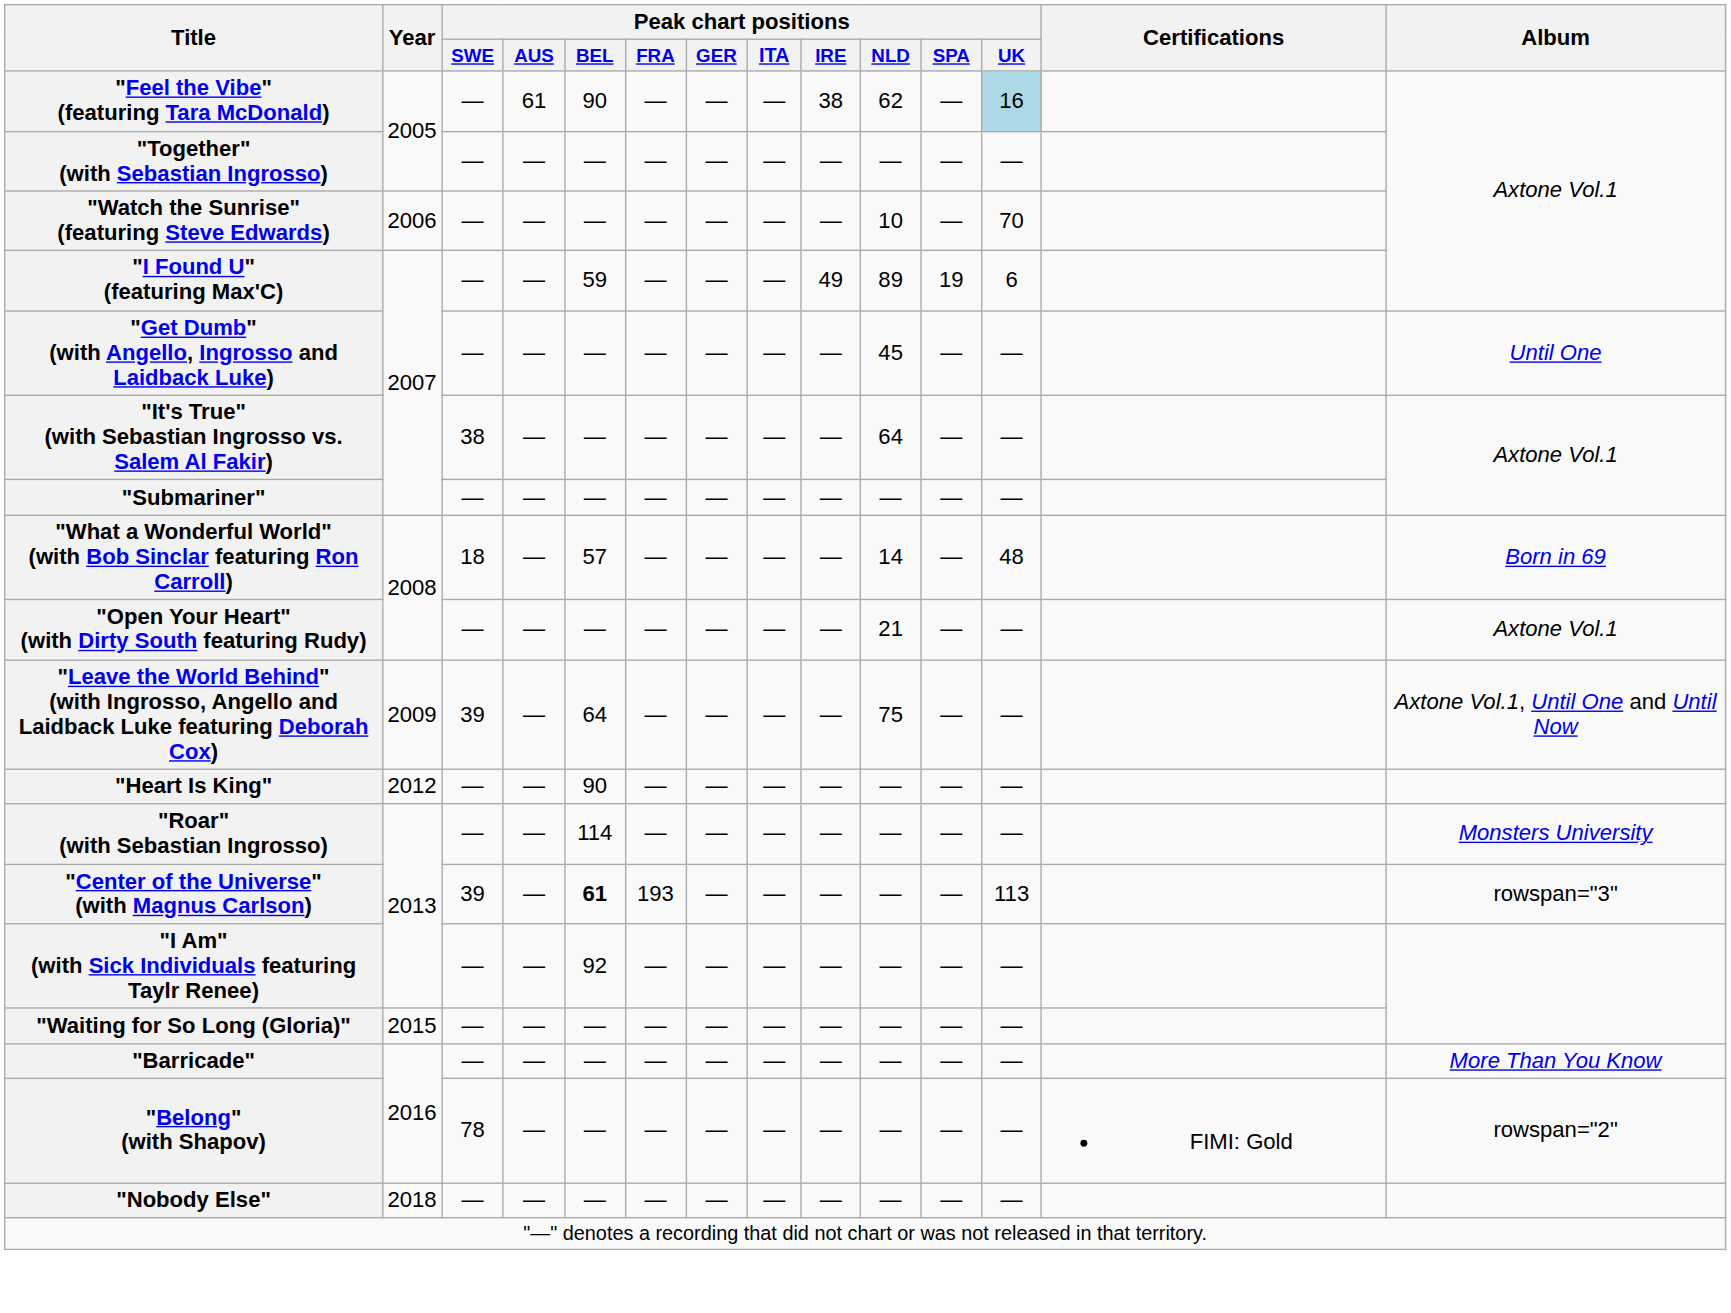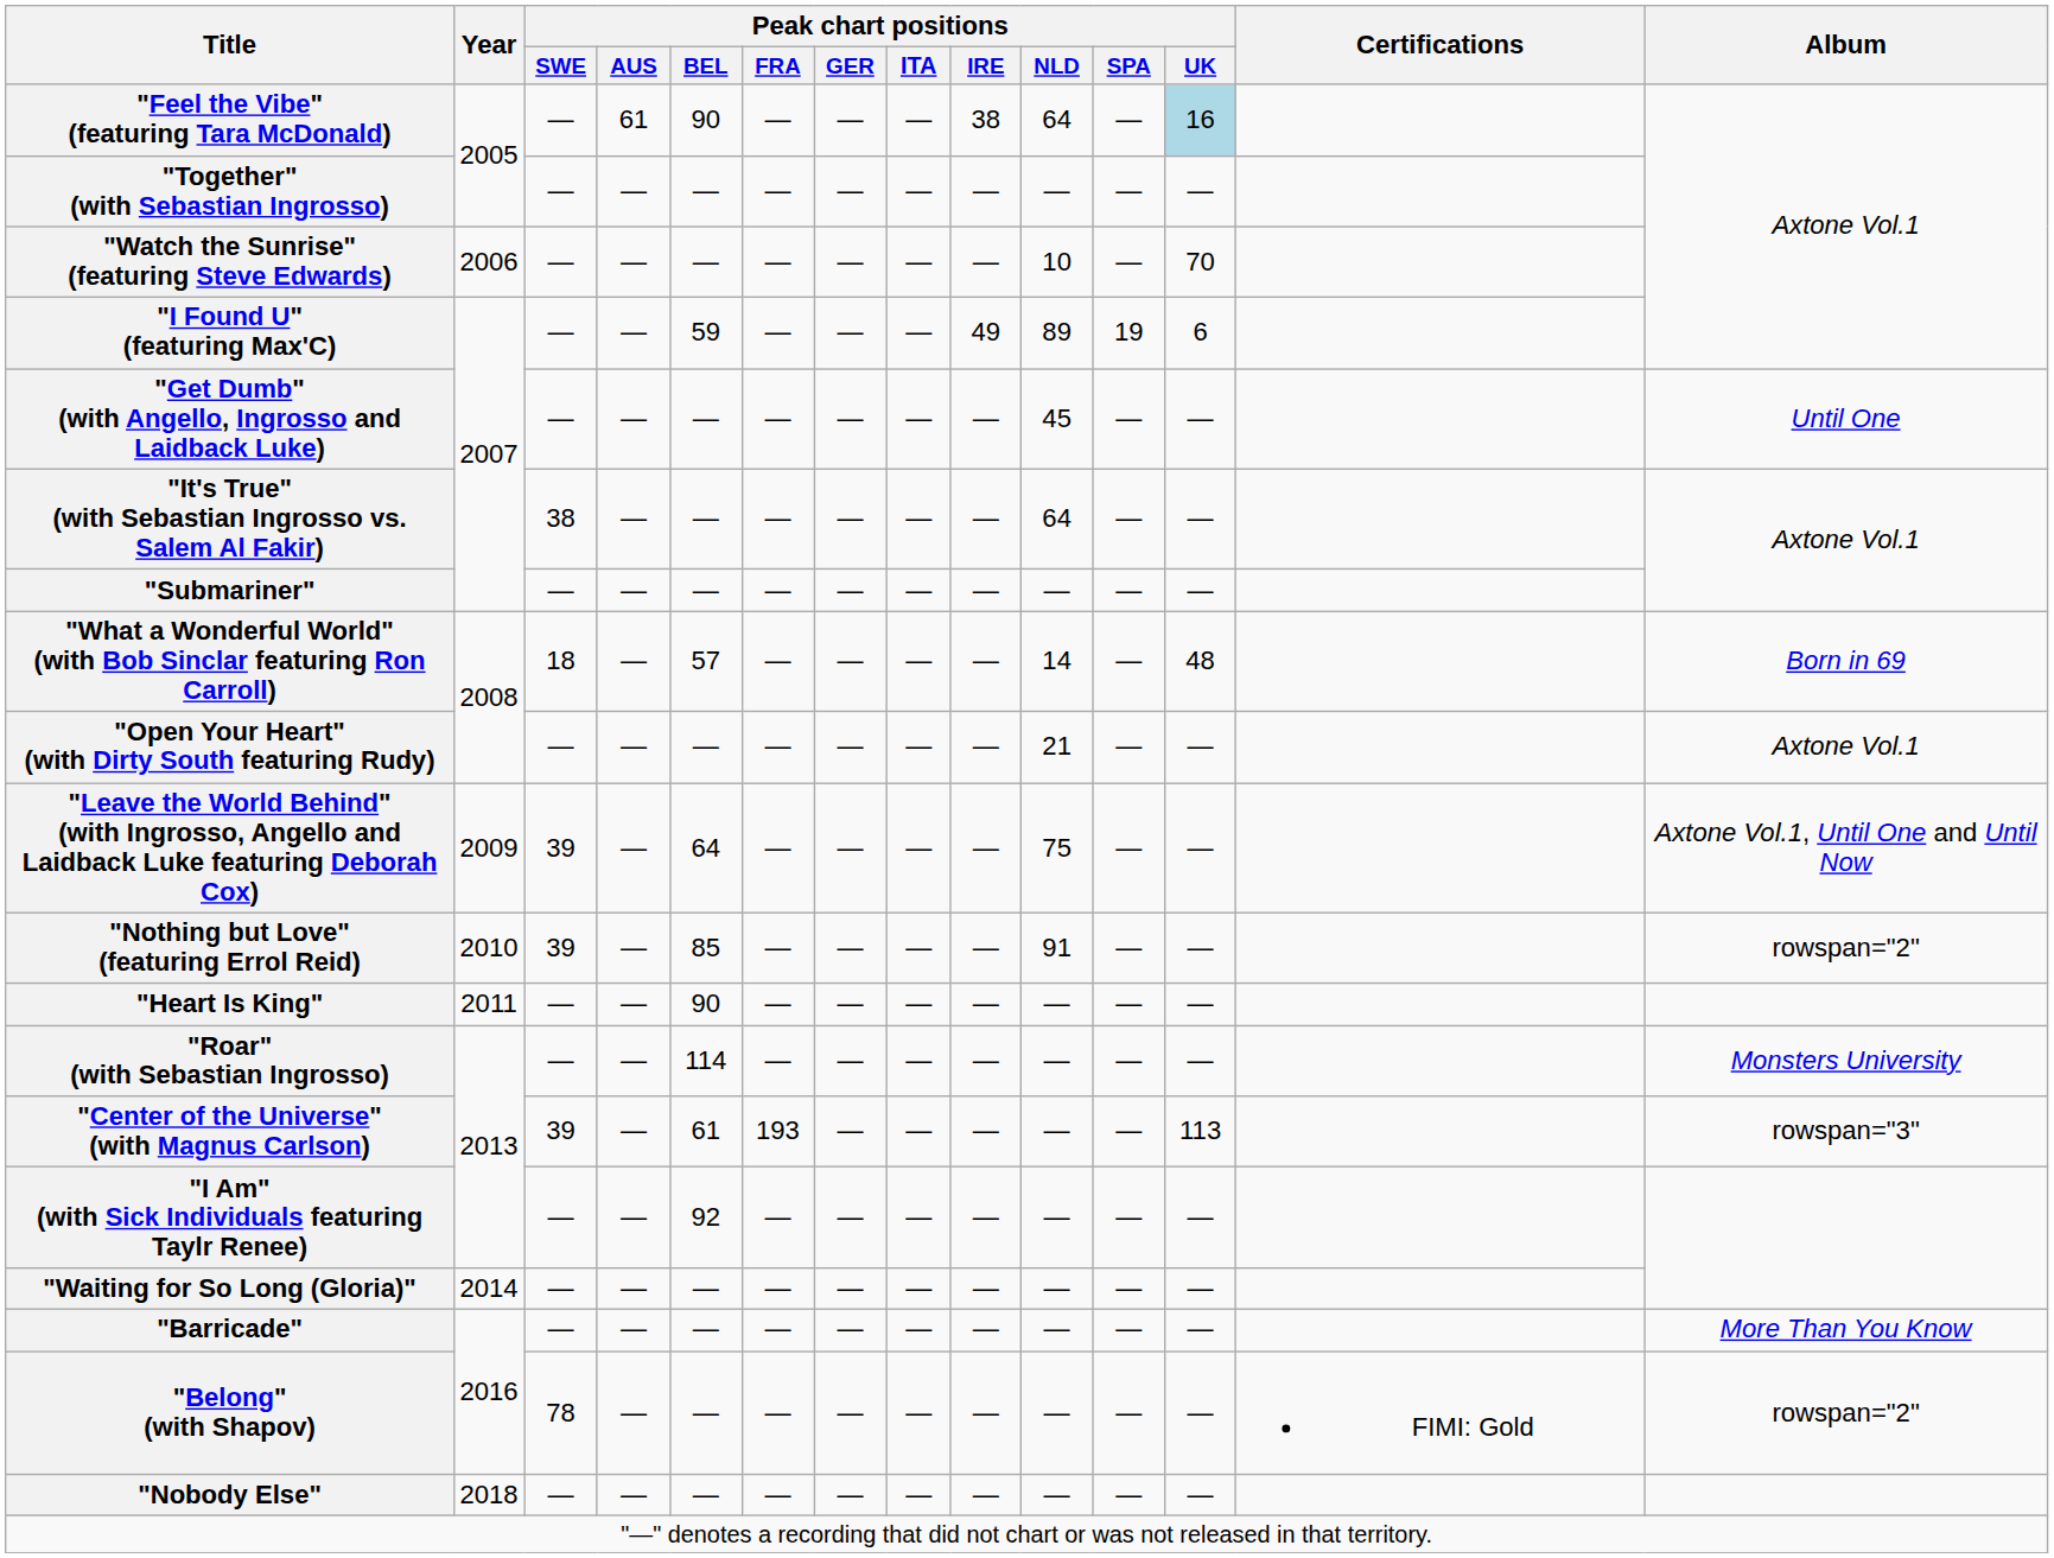 <table class="wikitable plainrowheaders" style="text-align:center;" border="1">
 <tr>
 <th scope="col" rowspan="2" style="width:20em;">Title</th>
 <th scope="col" rowspan="2" style="width:1em;">Year</th>
 <th scope="col" colspan="10">Peak chart positions</th>
 <th scope="col" rowspan="2" style="width:18em;">Certifications</th>
 <th scope="col" rowspan="2" style="width:18em;">Album</th>
 </tr>
 <tr>
 <th scope="col" style="width:3em;font-size:85%;"><a href='#'>SWE</a><br></th>
 <th scope="col" style="width:3em;font-size:85%;"><a href='#'>AUS</a><br></th>
 <th scope="col" style="width:3em;font-size:85%;"><a href='#'>BEL</a><br></th>
 <th scope="col" style="width:3em;font-size:85%;"><a href='#'>FRA</a><br></th>
 <th scope="col" style="width:3em;font-size:85%;"><a href='#'>GER</a><br></th>
 <th scope="col" style="width:2.5em;font-size:90%;"><a href='#'>ITA</a><br></th>
 <th scope="col" style="width:3em;font-size:85%;"><a href='#'>IRE</a><br></th>
 <th scope="col" style="width:3em;font-size:85%;"><a href='#'>NLD</a><br></th>
 <th scope="col" style="width:3em;font-size:85%;"><a href='#'>SPA</a><br></th>
 <th scope="col" style="width:3em;font-size:85%;"><a href='#'>UK</a><br></th>
 </tr>
 <tr>
 <th scope="row">"<a href='#'>Feel the Vibe</a>"<br><span>(featuring <a href='#'>Tara McDonald</a>)</span></th>
 <td rowspan="2">2005</td>
 <td>—</td>
 <td>61</td>
 <td>90</td>
 <td>—</td>
 <td>—</td>
 <td>—</td>
 <td>38</td>
-<td>62</td>
+<td>64</td>
 <td>—</td>
 <td style="background: lightblue;">16</td>
 <td></td>
 <td rowspan="4"><em>Axtone Vol.1</em></td>
 </tr>
 <tr>
 <th scope="row">"Together"<br><span>(with <a href='#'>Sebastian Ingrosso</a>)</span></th>
 <td>—</td>
 <td>—</td>
 <td>—</td>
 <td>—</td>
 <td>—</td>
 <td>—</td>
 <td>—</td>
 <td>—</td>
 <td>—</td>
 <td>—</td>
 <td></td>
 </tr>
 <tr>
 <th scope="row">"Watch the Sunrise"<br><span>(featuring <a href='#'>Steve Edwards</a>)</span></th>
 <td>2006</td>
 <td>—</td>
 <td>—</td>
 <td>—</td>
 <td>—</td>
 <td>—</td>
 <td>—</td>
 <td>—</td>
 <td>10</td>
 <td>—</td>
 <td>70</td>
 <td></td>
 </tr>
 <tr>
 <th scope="row">"<a href='#'>I Found U</a>"<br><span>(featuring Max'C)</span></th>
 <td rowspan="4">2007</td>
 <td>—</td>
 <td>—</td>
 <td>59</td>
 <td>—</td>
 <td>—</td>
 <td>—</td>
 <td>49</td>
 <td>89</td>
 <td>19</td>
 <td>6</td>
 <td></td>
 </tr>
 <tr>
 <th scope="row">"<a href='#'>Get Dumb</a>"<br><span>(with <a href='#'>Angello</a>, <a href='#'>Ingrosso</a> and <a href='#'>Laidback Luke</a>)</span></th>
 <td>—</td>
 <td>—</td>
 <td>—</td>
 <td>—</td>
 <td>—</td>
 <td>—</td>
 <td>—</td>
 <td>45</td>
 <td>—</td>
 <td>—</td>
 <td></td>
 <td><em><a href='#'>Until One</a></em></td>
 </tr>
 <tr>
 <th scope="row">"It's True"<br><span>(with Sebastian Ingrosso vs. <a href='#'>Salem Al Fakir</a>)</span></th>
 <td>38</td>
 <td>—</td>
 <td>—</td>
 <td>—</td>
 <td>—</td>
 <td>—</td>
 <td>—</td>
 <td>64</td>
 <td>—</td>
 <td>—</td>
 <td></td>
 <td rowspan="2"><em>Axtone Vol.1</em></td>
 </tr>
 <tr>
 <th scope="row">"Submariner"</th>
 <td>—</td>
 <td>—</td>
 <td>—</td>
 <td>—</td>
 <td>—</td>
 <td>—</td>
 <td>—</td>
 <td>—</td>
 <td>—</td>
 <td>—</td>
 <td></td>
 </tr>
 <tr>
 <th scope="row">"What a Wonderful World"<br><span>(with <a href='#'>Bob Sinclar</a> featuring <a href='#'>Ron Carroll</a>)</span></th>
 <td rowspan="2">2008</td>
 <td>18</td>
 <td>—</td>
 <td>57</td>
 <td>—</td>
 <td>—</td>
 <td>—</td>
 <td>—</td>
 <td>14</td>
 <td>—</td>
 <td>48</td>
 <td></td>
 <td><em><a href='#'>Born in 69</a></em></td>
 </tr>
 <tr>
 <th scope="row">"Open Your Heart"<br><span>(with <a href='#'>Dirty South</a> featuring Rudy)</span></th>
 <td>—</td>
 <td>—</td>
 <td>—</td>
 <td>—</td>
 <td>—</td>
 <td>—</td>
 <td>—</td>
 <td>21</td>
 <td>—</td>
 <td>—</td>
 <td></td>
 <td><em>Axtone Vol.1</em></td>
 </tr>
 <tr>
 <th scope="row">"<a href='#'>Leave the World Behind</a>"<br><span>(with Ingrosso, Angello and Laidback Luke featuring <a href='#'>Deborah Cox</a>)</span></th>
 <td>2009</td>
 <td>39</td>
 <td>—</td>
 <td>64</td>
 <td>—</td>
 <td>—</td>
 <td>—</td>
 <td>—</td>
 <td>75</td>
 <td>—</td>
 <td>—</td>
 <td></td>
 <td><em>Axtone Vol.1</em>, <em><a href='#'>Until One</a></em> and <em><a href='#'>Until Now</a></em></td>
 </tr>
 <tr>
+<th scope="row">"Nothing but Love"<br><span>(featuring Errol Reid)</span></th>
+<td>2010</td>
+<td>39</td>
+<td>—</td>
+<td>85</td>
+<td>—</td>
+<td>—</td>
+<td>—</td>
+<td>—</td>
+<td>91</td>
+<td>—</td>
+<td>—</td>
+<td></td>
+<td>rowspan="2" </td>
+</tr>
+<tr>
 <th scope="row">"Heart Is King"</th>
-<td>2012</td>
+<td>2011</td>
 <td>—</td>
 <td>—</td>
 <td>90</td>
 <td>—</td>
 <td>—</td>
 <td>—</td>
 <td>—</td>
 <td>—</td>
 <td>—</td>
 <td>—</td>
 <td></td>
 </tr>
 <tr>
 <th scope="row">"Roar"<br><span>(with Sebastian Ingrosso)</span></th>
 <td rowspan="3">2013</td>
 <td>—</td>
 <td>—</td>
 <td>114</td>
 <td>—</td>
 <td>—</td>
 <td>—</td>
 <td>—</td>
 <td>—</td>
 <td>—</td>
 <td>—</td>
 <td></td>
 <td><em><a href='#'>Monsters University</a></em></td>
 </tr>
 <tr>
 <th scope="row">"<a href='#'>Center of the Universe</a>"<br><span>(with <a href='#'>Magnus Carlson</a>)</span></th>
 <td>39</td>
 <td>—</td>
-<td><strong>61</strong></td>
+<td>61</td>
 <td>193</td>
 <td>—</td>
 <td>—</td>
 <td>—</td>
 <td>—</td>
 <td>—</td>
 <td>113</td>
 <td></td>
 <td>rowspan="3" </td>
 </tr>
 <tr>
 <th scope="row">"I Am"<br><span>(with <a href='#'>Sick Individuals</a> featuring Taylr Renee)</span></th>
 <td>—</td>
 <td>—</td>
 <td>92</td>
 <td>—</td>
 <td>—</td>
 <td>—</td>
 <td>—</td>
 <td>—</td>
 <td>—</td>
 <td>—</td>
 <td></td>
 </tr>
 <tr>
 <th scope="row">"Waiting for So Long (Gloria)"</th>
-<td>2015</td>
+<td>2014</td>
 <td>—</td>
 <td>—</td>
 <td>—</td>
 <td>—</td>
 <td>—</td>
 <td>—</td>
 <td>—</td>
 <td>—</td>
 <td>—</td>
 <td>—</td>
 <td></td>
 </tr>
 <tr>
 <th scope="row">"Barricade"</th>
 <td rowspan="2">2016</td>
 <td>—</td>
 <td>—</td>
 <td>—</td>
 <td>—</td>
 <td>—</td>
 <td>—</td>
 <td>—</td>
 <td>—</td>
 <td>—</td>
 <td>—</td>
 <td></td>
 <td><em><a href='#'>More Than You Know</a></em></td>
 </tr>
 <tr>
 <th scope="row">"<a href='#'>Belong</a>"<br><span>(with Shapov)</span></th>
 <td>78<br></td>
 <td>—</td>
 <td>—</td>
 <td>—</td>
 <td>—</td>
 <td>—</td>
 <td>—</td>
 <td>—</td>
 <td>—</td>
 <td>—</td>
 <td><br><ul><li>FIMI: Gold</li></ul></td>
 <td>rowspan="2" </td>
 </tr>
 <tr>
 <th scope="row">"Nobody Else"</th>
 <td>2018</td>
 <td>—</td>
 <td>—</td>
 <td>—</td>
 <td>—</td>
 <td>—</td>
 <td>—</td>
 <td>—</td>
 <td>—</td>
 <td>—</td>
 <td>—</td>
 <td></td>
 </tr>
 <tr>
 <td colspan="14" style="font-size:90%">"—" denotes a recording that did not chart or was not released in that territory.</td>
 </tr>
 </table>
